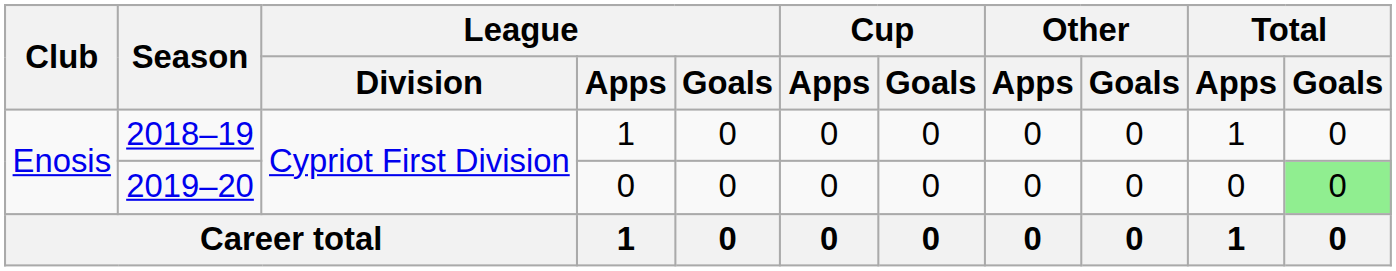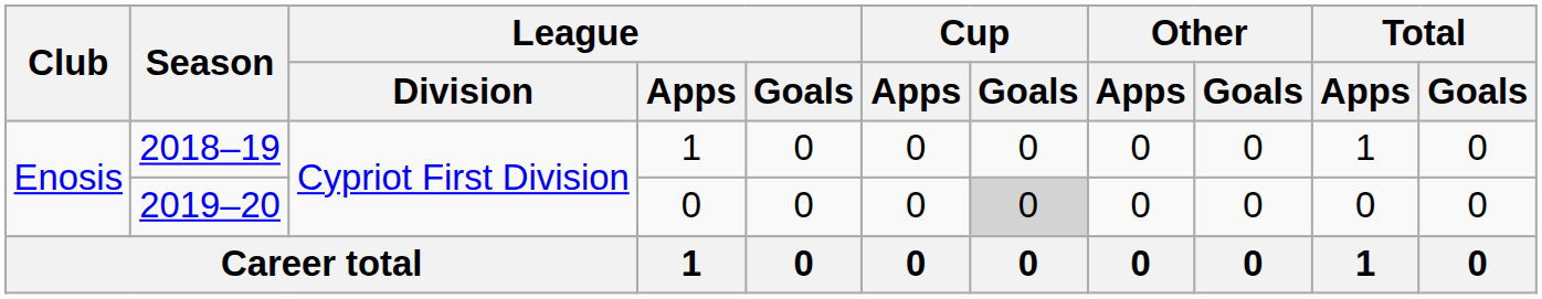 <table class="wikitable" style="text-align: center">
 <tr>
 <th rowspan="2">Club</th>
 <th rowspan="2">Season</th>
 <th colspan="3">League</th>
 <th colspan="2">Cup</th>
 <th colspan="2">Other</th>
 <th colspan="2">Total</th>
 </tr>
 <tr>
 <th>Division</th>
 <th>Apps</th>
 <th>Goals</th>
 <th>Apps</th>
 <th>Goals</th>
 <th>Apps</th>
 <th>Goals</th>
 <th>Apps</th>
 <th>Goals</th>
 </tr>
 <tr>
 <td rowspan="2"><a href='#'>Enosis</a></td>
 <td><a href='#'>2018–19</a></td>
 <td rowspan="2"><a href='#'>Cypriot First Division</a></td>
 <td>1</td>
 <td>0</td>
 <td>0</td>
 <td>0</td>
 <td>0</td>
 <td>0</td>
 <td>1</td>
 <td>0</td>
 </tr>
 <tr>
 <td><a href='#'>2019–20</a></td>
 <td>0</td>
 <td>0</td>
 <td>0</td>
+<td style="background: lightgrey;">0</td>
 <td>0</td>
 <td>0</td>
 <td>0</td>
 <td>0</td>
-<td style="background: lightgreen;">0</td>
 </tr>
 <tr>
 <th colspan="3"><strong>Career total</strong></th>
 <th>1</th>
 <th>0</th>
 <th>0</th>
 <th>0</th>
 <th>0</th>
 <th>0</th>
 <th>1</th>
 <th>0</th>
 </tr>
 </table>
